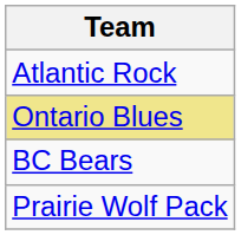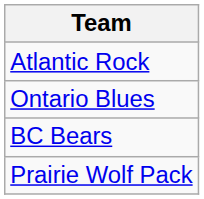 <table class="wikitable">
 <tr>
 <th>Team</th>
 </tr>
 <tr>
 <td><a href='#'>Atlantic Rock</a></td>
 </tr>
 <tr>
-<td style="background: khaki;"><a href='#'>Ontario Blues</a></td>
+<td><a href='#'>Ontario Blues</a></td>
 </tr>
 <tr>
 <td><a href='#'>BC Bears</a></td>
 </tr>
 <tr>
 <td><a href='#'>Prairie Wolf Pack</a></td>
 </tr>
 </table>
